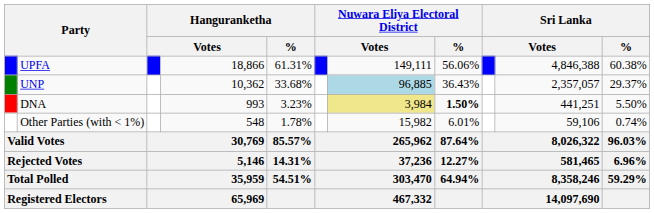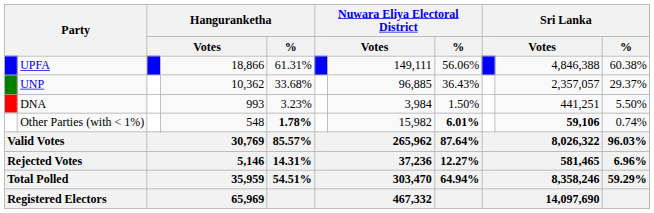 <table class="wikitable">
 <tr>
 <th colspan="2" width="144px"rowspan="2">Party</th>
 <th colspan="3" width="216px">Hanguranketha</th>
 <th colspan="3" width="216px"><a href='#'>Nuwara Eliya Electoral District</a></th>
 <th colspan="3" width="216px">Sri Lanka</th>
 </tr>
 <tr>
 <th colspan="2" width="144px">Votes</th>
 <th>%</th>
 <th colspan="2" width="144px">Votes</th>
 <th>%</th>
 <th colspan="2" width="144px">Votes</th>
 <th>%</th>
 </tr>
 <tr>
 <td style="background-color:blue;" width="10px"></td>
 <td style="text-align:left;"><a href='#'>UPFA</a></td>
 <td style="background-color:blue;" width="10px"></td>
 <td style="text-align:right;">18,866</td>
 <td style="text-align:right;">61.31%</td>
 <td style="background-color:blue;" width="10px"></td>
 <td style="text-align:right;">149,111</td>
 <td style="text-align:right;">56.06%</td>
 <td style="background-color:blue;" width="10px"></td>
 <td style="text-align:right;">4,846,388</td>
 <td style="text-align:right;">60.38%</td>
 </tr>
 <tr>
 <td style="background-color:green;" width="10px"></td>
 <td style="text-align:left;"><a href='#'>UNP</a></td>
 <td style="background-color:white;" width="10px"></td>
 <td style="text-align:right;">10,362</td>
 <td style="text-align:right;">33.68%</td>
 <td style="background-color:white;" width="10px"></td>
-<td style="background: lightblue; text-align:right;">96,885</td>
+<td style="text-align:right;">96,885</td>
 <td style="text-align:right;">36.43%</td>
 <td style="background-color:white;" width="10px"></td>
 <td style="text-align:right;">2,357,057</td>
 <td style="text-align:right;">29.37%</td>
 </tr>
 <tr>
 <td style="background-color:red;" width="10px"></td>
 <td style="text-align:left;">DNA</td>
 <td style="background-color:white;" width="10px"></td>
 <td style="text-align:right;">993</td>
 <td style="text-align:right;">3.23%</td>
 <td style="background-color:white;" width="10px"></td>
-<td style="background: khaki; text-align:right;">3,984</td>
-<td style="text-align:right;"><strong>1.50%</strong></td>
+<td style="text-align:right;">3,984</td>
+<td style="text-align:right;">1.50%</td>
 <td style="background-color:white;" width="10px"></td>
 <td style="text-align:right;">441,251</td>
 <td style="text-align:right;">5.50%</td>
 </tr>
 <tr>
 <td style="background-color:white;" width="10px"></td>
 <td style="text-align:left;">Other Parties (with < 1%)</td>
 <td style="background-color:white;" width="10px"></td>
 <td style="text-align:right;">548</td>
-<td style="text-align:right;">1.78%</td>
+<td style="text-align:right;"><strong>1.78%</strong></td>
 <td style="background-color:white;" width="10px"></td>
 <td style="text-align:right;">15,982</td>
-<td style="text-align:right;">6.01%</td>
+<td style="text-align:right;"><strong>6.01%</strong></td>
 <td style="background-color:white;" width="10px"></td>
-<td style="text-align:right;">59,106</td>
+<td style="text-align:right;"><strong>59,106</strong></td>
 <td style="text-align:right;">0.74%</td>
 </tr>
 <tr>
 <th colspan="2" width="144px"style="text-align:left;">Valid Votes</th>
 <th style="text-align:right;"colspan="2" width="144px">30,769</th>
 <th style="text-align:right;">85.57%</th>
 <th style="text-align:right;"colspan="2" width="144px">265,962</th>
 <th style="text-align:right;">87.64%</th>
 <th style="text-align:right;"colspan="2" width="144px">8,026,322</th>
 <th style="text-align:right;">96.03%</th>
 </tr>
 <tr>
 <th colspan="2" width="144px"style="text-align:left;">Rejected Votes</th>
 <th style="text-align:right;"colspan="2" width="144px">5,146</th>
 <th style="text-align:right;">14.31%</th>
 <th style="text-align:right;"colspan="2" width="144px">37,236</th>
 <th style="text-align:right;">12.27%</th>
 <th style="text-align:right;"colspan="2" width="144px">581,465</th>
 <th style="text-align:right;">6.96%</th>
 </tr>
 <tr>
 <th colspan="2" width="144px"style="text-align:left;">Total Polled</th>
 <th style="text-align:right;"colspan="2" width="144px">35,959</th>
 <th style="text-align:right;">54.51%</th>
 <th style="text-align:right;"colspan="2" width="144px">303,470</th>
 <th style="text-align:right;">64.94%</th>
 <th style="text-align:right;"colspan="2" width="144px">8,358,246</th>
 <th style="text-align:right;">59.29%</th>
 </tr>
 <tr>
 <th colspan="2" width="144px"style="text-align:left;">Registered Electors</th>
 <th style="text-align:right;"colspan="2" width="144px">65,969</th>
 <th></th>
 <th style="text-align:right;"colspan="2" width="144px">467,332</th>
 <th></th>
 <th style="text-align:right;"colspan="2" width="144px">14,097,690</th>
 <th></th>
 </tr>
 </table>
